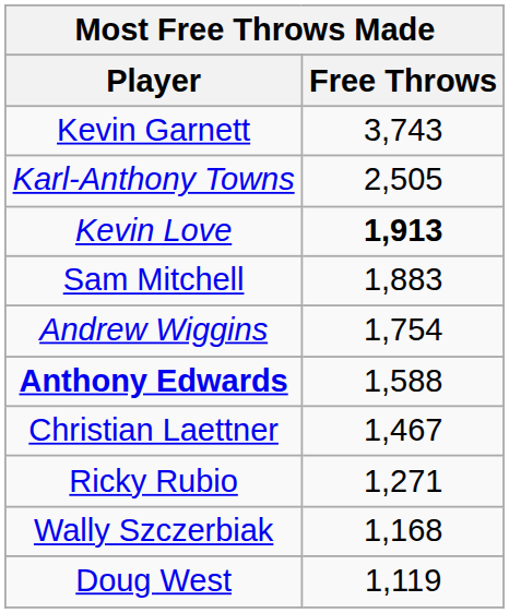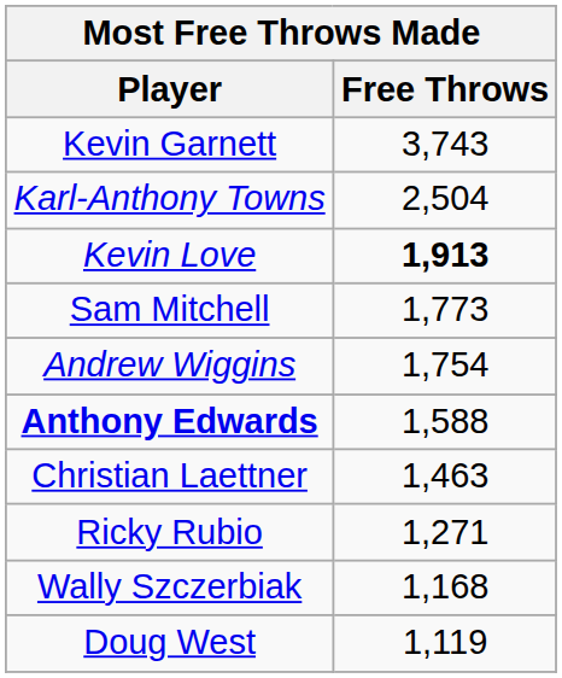 <table class="wikitable sortable" style="text-align:center">
 <tr>
 <th colspan="2" style="text-align:center; ">Most Free Throws Made</th>
 </tr>
 <tr>
 <th style="text-align:center; ">Player</th>
 <th style="text-align:center; ">Free Throws</th>
 </tr>
 <tr>
 <td><a href='#'>Kevin Garnett</a></td>
 <td>3,743</td>
 </tr>
 <tr>
 <td><em><a href='#'>Karl-Anthony Towns</a></em></td>
-<td>2,505</td>
+<td>2,504</td>
 </tr>
 <tr>
 <td><em><a href='#'>Kevin Love</a></em></td>
 <td><strong>1,913</strong></td>
 </tr>
 <tr>
 <td><a href='#'>Sam Mitchell</a></td>
-<td>1,883</td>
+<td>1,773</td>
 </tr>
 <tr>
 <td><em><a href='#'>Andrew Wiggins</a></em></td>
 <td>1,754</td>
 </tr>
 <tr>
 <td><strong><a href='#'>Anthony Edwards</a></strong></td>
 <td>1,588</td>
 </tr>
 <tr>
 <td><a href='#'>Christian Laettner</a></td>
-<td>1,467</td>
+<td>1,463</td>
 </tr>
 <tr>
 <td><a href='#'>Ricky Rubio</a></td>
 <td>1,271</td>
 </tr>
 <tr>
 <td><a href='#'>Wally Szczerbiak</a></td>
 <td>1,168</td>
 </tr>
 <tr>
 <td><a href='#'>Doug West</a></td>
 <td>1,119</td>
 </tr>
 </table>
